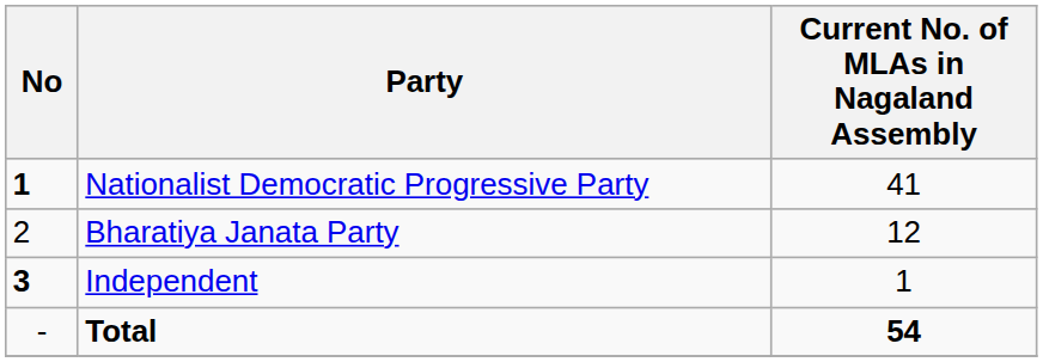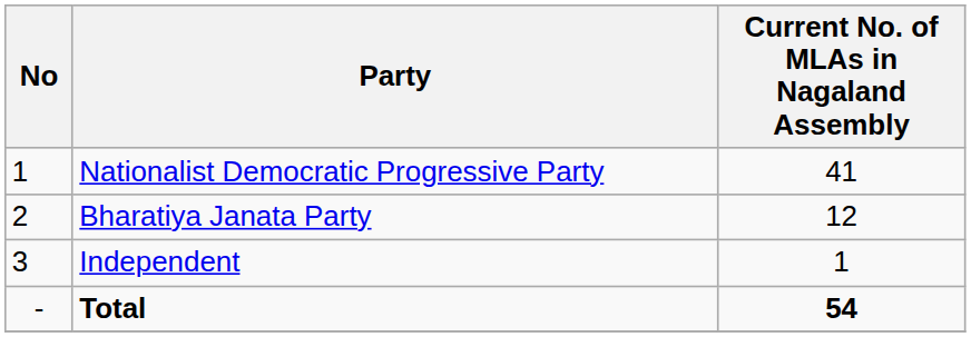 <table class="wikitable sortable">
 <tr>
 <th style="width:30px;">No</th>
 <th style="width:350px;">Party</th>
 <th style="width:130px;">Current No. of MLAs in Nagaland Assembly</th>
 </tr>
 <tr>
-<td style="background-color:"><strong>1</strong></td>
+<td style="background-color:">1</td>
 <td><a href='#'>Nationalist Democratic Progressive Party</a></td>
 <td style="text-align: center;">41</td>
 </tr>
 <tr>
 <td style="background-color:">2</td>
 <td><a href='#'>Bharatiya Janata Party</a></td>
 <td style="text-align: center;">12</td>
 </tr>
 <tr>
-<td style="background-color:"><strong>3</strong></td>
+<td style="background-color:">3</td>
 <td><a href='#'>Independent</a></td>
 <td style="text-align: center;">1</td>
 </tr>
 <tr>
 <td style="background-color:; text-align:center;">-</td>
 <td><strong>Total</strong></td>
 <td style="text-align: center;"><strong>54</strong></td>
 </tr>
 <tr>
 </tr>
 </table>
